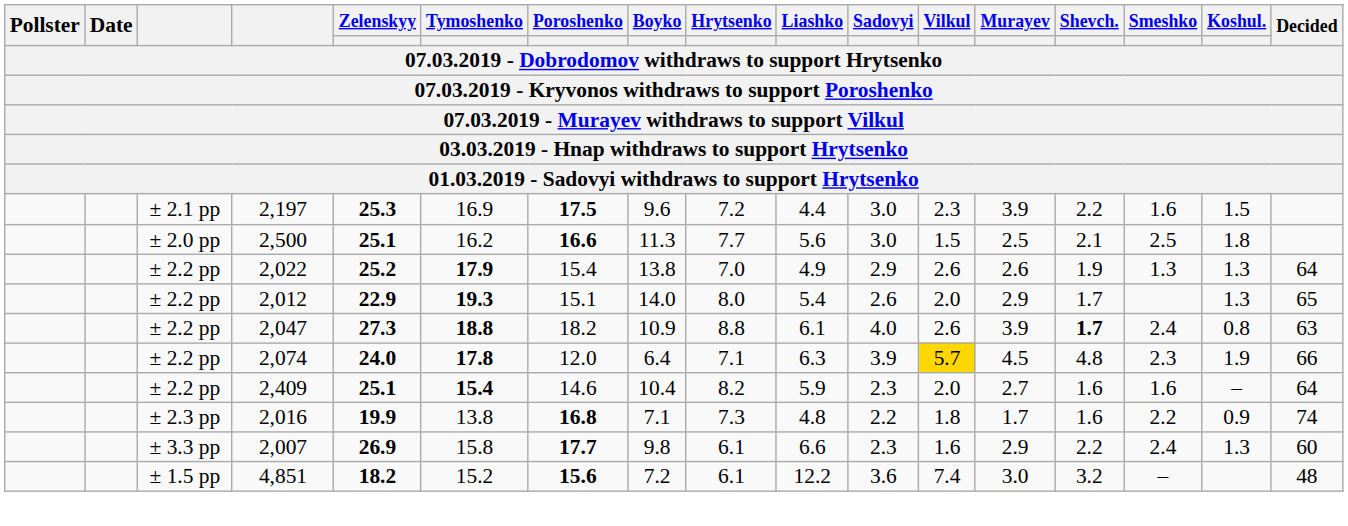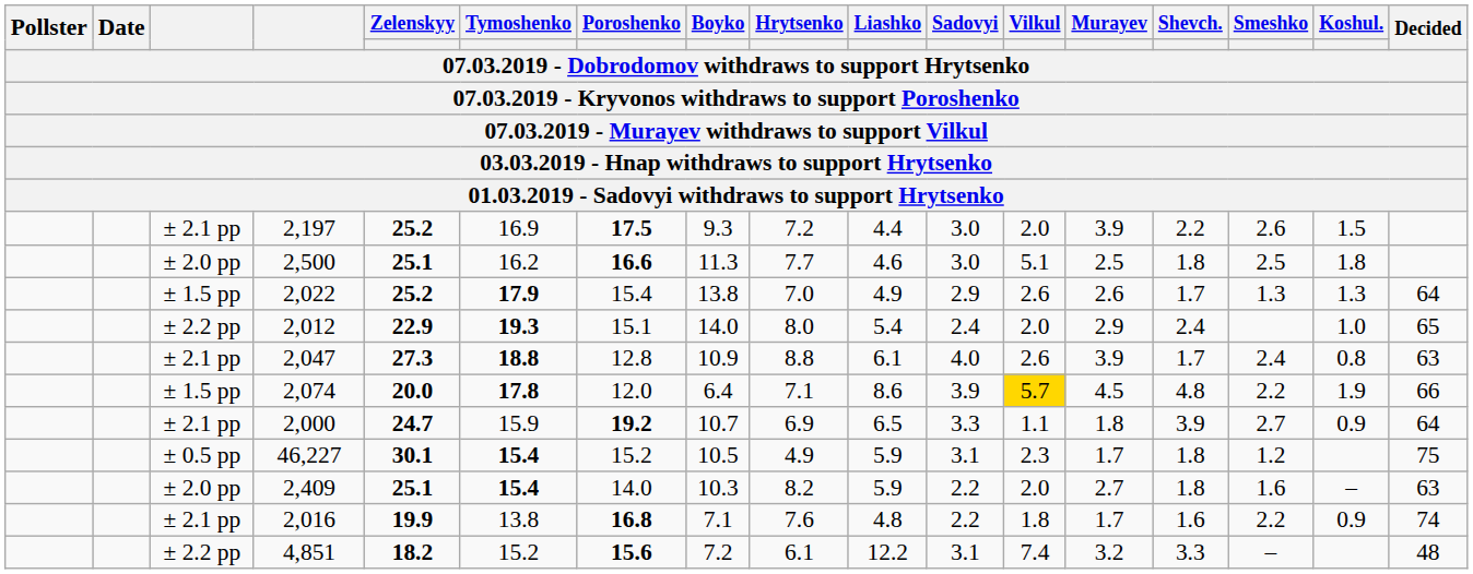 <table class="wikitable" style="text-align:center;font-size:95%;line-height:14px;">
 <tr>
 <th rowspan="2">Pollster</th>
 <th rowspan="2">Date</th>
 <th rowspan="2" style="width:60px;" class="unsortable"></th>
 <th rowspan="2" style="width:65px;" class="unsortable"></th>
 <th><small><a href='#'>Zelenskyy</a></small><br></th>
 <th><small><a href='#'>Tymoshenko</a></small><br></th>
 <th> <small><a href='#'>Poroshenko</a></small><br></th>
 <th> <small><a href='#'>Boyko</a></small><br></th>
 <th><small><a href='#'>Hrytsenko</a></small><br></th>
 <th><small><a href='#'>Liashko</a></small><br></th>
 <th><small><a href='#'>Sadovyi</a></small><br></th>
 <th><small><a href='#'>Vilkul</a></small><br></th>
 <th><small><a href='#'>Murayev</a></small><br></th>
 <th><small><a href='#'>Shevch.</a></small><br></th>
 <th><small><a href='#'>Smeshko</a></small><br></th>
 <th><small><a href='#'>Koshul.</a></small><br></th>
 <th rowspan="2"><small>Decided</small></th>
 </tr>
 <tr>
 <th style="background:"></th>
 <th style="background:"></th>
 <th style="background:"></th>
 <th style="background:"></th>
 <th style="background:"></th>
 <th style="background:"></th>
 <th style="background:"></th>
 <th style="background:"></th>
 <th style="background:"></th>
 <th style="background:"></th>
 <th style="background:"></th>
 <th style="background:"></th>
 </tr>
 <tr>
 <th colspan="17"><strong>07.03.2019 - <a href='#'>Dobrodomov</a> withdraws to support Hrytsenko</strong></th>
 </tr>
 <tr>
 <th colspan="17"><strong>07.03.2019 - Kryvonos withdraws to support <a href='#'>Poroshenko</a></strong></th>
 </tr>
 <tr>
 <th colspan="17"><strong>07.03.2019 - <a href='#'>Murayev</a> withdraws to support <a href='#'>Vilkul</a></strong></th>
 </tr>
 <tr>
 <th colspan="17"><strong>03.03.2019 - Hnap withdraws to support <a href='#'>Hrytsenko</a></strong></th>
 </tr>
 <tr>
 <th colspan="17"><strong>01.03.2019 - Sadovyi withdraws to support <a href='#'>Hrytsenko</a></strong></th>
 </tr>
 <tr>
 <td></td>
 <td></td>
 <td>± 2.1 pp</td>
 <td>2,197</td>
-<td style="background-color:#"><strong>25.3</strong></td>
+<td style="background-color:#"><strong>25.2</strong></td>
 <td>16.9</td>
 <td style="background-color:#"><strong>17.5</strong></td>
-<td>9.6</td>
+<td>9.3</td>
 <td>7.2</td>
 <td>4.4</td>
 <td>3.0</td>
-<td>2.3</td>
+<td>2.0</td>
 <td>3.9</td>
 <td>2.2</td>
-<td>1.6</td>
+<td>2.6</td>
 <td>1.5</td>
 <td></td>
 </tr>
 <tr>
 <td></td>
 <td></td>
 <td>± 2.0 pp</td>
 <td>2,500</td>
 <td style="background-color:#"><strong>25.1</strong></td>
 <td>16.2</td>
 <td style="background-color:#"><strong>16.6</strong></td>
 <td>11.3</td>
 <td>7.7</td>
-<td>5.6</td>
+<td>4.6</td>
 <td>3.0</td>
-<td>1.5</td>
+<td>5.1</td>
 <td>2.5</td>
-<td>2.1</td>
+<td>1.8</td>
 <td>2.5</td>
 <td>1.8</td>
 <td></td>
 </tr>
 <tr>
 <td></td>
 <td></td>
-<td>± 2.2 pp</td>
+<td>± 1.5 pp</td>
 <td>2,022</td>
 <td style="background-color:#"><strong>25.2</strong></td>
 <td style="background-color:#"><strong>17.9</strong></td>
 <td>15.4</td>
 <td>13.8</td>
 <td>7.0</td>
 <td>4.9</td>
 <td>2.9</td>
 <td>2.6</td>
 <td>2.6</td>
-<td>1.9</td>
+<td>1.7</td>
 <td>1.3</td>
 <td>1.3</td>
 <td>64</td>
 </tr>
 <tr>
 <td> </td>
 <td></td>
 <td>± 2.2 pp</td>
 <td>2,012</td>
 <td style="background-color:#"><strong>22.9</strong></td>
 <td style="background-color:#"><strong>19.3</strong></td>
 <td>15.1</td>
 <td>14.0</td>
 <td>8.0</td>
 <td>5.4</td>
-<td>2.6</td>
+<td>2.4</td>
 <td>2.0</td>
 <td>2.9</td>
-<td>1.7</td>
+<td>2.4</td>
 <td></td>
-<td>1.3</td>
+<td>1.0</td>
 <td>65</td>
 </tr>
 <tr>
 <td></td>
 <td></td>
-<td>± 2.2 pp</td>
+<td>± 2.1 pp</td>
 <td>2,047</td>
 <td style="background-color:#"><strong>27.3</strong></td>
 <td style="background-color:#"><strong>18.8</strong></td>
-<td>18.2</td>
+<td>12.8</td>
 <td>10.9</td>
 <td>8.8</td>
 <td>6.1</td>
 <td>4.0</td>
 <td>2.6</td>
 <td>3.9</td>
-<td><strong>1.7</strong></td>
+<td>1.7</td>
 <td>2.4</td>
 <td>0.8</td>
 <td>63</td>
 </tr>
 <tr>
 <td></td>
 <td></td>
-<td>± 2.2 pp</td>
+<td>± 1.5 pp</td>
 <td>2,074</td>
-<td style="background-color:#"><strong>24.0</strong></td>
+<td style="background-color:#"><strong>20.0</strong></td>
 <td style="background-color:#"><strong>17.8</strong></td>
 <td>12.0</td>
 <td>6.4</td>
 <td>7.1</td>
-<td>6.3</td>
+<td>8.6</td>
 <td>3.9</td>
 <td style="background: gold;">5.7</td>
 <td>4.5</td>
 <td>4.8</td>
-<td>2.3</td>
+<td>2.2</td>
 <td>1.9</td>
 <td>66</td>
 </tr>
 <tr>
 <td></td>
 <td></td>
-<td>± 2.2 pp</td>
-<td>2,409</td>
-<td style="background-color:#"><strong>25.1</strong></td>
-<td style="background-color:#"><strong>15.4</strong></td>
-<td>14.6</td>
-<td>10.4</td>
-<td>8.2</td>
-<td>5.9</td>
-<td>2.3</td>
-<td>2.0</td>
+<td>± 2.1 pp</td>
+<td>2,000</td>
+<td style="background-color:#"><strong>24.7</strong></td>
+<td>15.9</td>
+<td style="background-color:#"><strong>19.2</strong></td>
+<td>10.7</td>
+<td>6.9</td>
+<td>6.5</td>
+<td>3.3</td>
+<td>1.1</td>
+<td>1.8</td>
+<td>3.9</td>
 <td>2.7</td>
-<td>1.6</td>
-<td>1.6</td>
-<td>–</td>
+<td>0.9</td>
 <td>64</td>
 </tr>
 <tr>
 <td></td>
 <td></td>
-<td>± 2.3 pp</td>
+<td>± 0.5 pp</td>
+<td>46,227</td>
+<td style="background-color:#"><strong>30.1</strong></td>
+<td style="background-color:#"><strong>15.4</strong></td>
+<td>15.2</td>
+<td>10.5</td>
+<td>4.9</td>
+<td>5.9</td>
+<td>3.1</td>
+<td>2.3</td>
+<td>1.7</td>
+<td>1.8</td>
+<td>1.2</td>
+<td></td>
+<td>75</td>
+</tr>
+<tr>
+<td></td>
+<td></td>
+<td>± 2.0 pp</td>
+<td>2,409</td>
+<td style="background-color:#"><strong>25.1</strong></td>
+<td style="background-color:#"><strong>15.4</strong></td>
+<td>14.0</td>
+<td>10.3</td>
+<td>8.2</td>
+<td>5.9</td>
+<td>2.2</td>
+<td>2.0</td>
+<td>2.7</td>
+<td>1.8</td>
+<td>1.6</td>
+<td>–</td>
+<td>63</td>
+</tr>
+<tr>
+<td></td>
+<td></td>
+<td>± 2.1 pp</td>
 <td>2,016</td>
 <td style="background-color:#"><strong>19.9</strong></td>
 <td>13.8</td>
 <td style="background-color:#"><strong>16.8</strong></td>
 <td>7.1</td>
-<td>7.3</td>
+<td>7.6</td>
 <td>4.8</td>
 <td>2.2</td>
 <td>1.8</td>
 <td>1.7</td>
 <td>1.6</td>
 <td>2.2</td>
 <td>0.9</td>
 <td>74</td>
 </tr>
 <tr>
-<td></td>
-<td></td>
-<td>± 3.3 pp</td>
-<td>2,007</td>
-<td style="background-color:#"><strong>26.9</strong></td>
-<td>15.8</td>
-<td style="background-color:#"><strong>17.7</strong></td>
-<td>9.8</td>
-<td>6.1</td>
-<td>6.6</td>
-<td>2.3</td>
-<td>1.6</td>
-<td>2.9</td>
-<td>2.2</td>
-<td>2.4</td>
-<td>1.3</td>
-<td>60</td>
-</tr>
-<tr>
 <td> </td>
 <td></td>
-<td>± 1.5 pp</td>
+<td>± 2.2 pp</td>
 <td>4,851</td>
 <td style="background-color:#"><strong>18.2</strong></td>
 <td>15.2</td>
 <td style="background-color:#"><strong>15.6</strong></td>
 <td>7.2</td>
 <td>6.1</td>
 <td>12.2</td>
-<td>3.6</td>
+<td>3.1</td>
 <td>7.4</td>
-<td>3.0</td>
 <td>3.2</td>
+<td>3.3</td>
 <td>–</td>
 <td></td>
 <td>48</td>
 </tr>
 </table>
